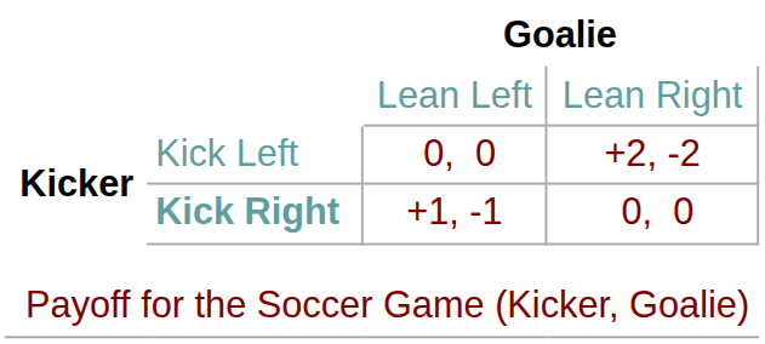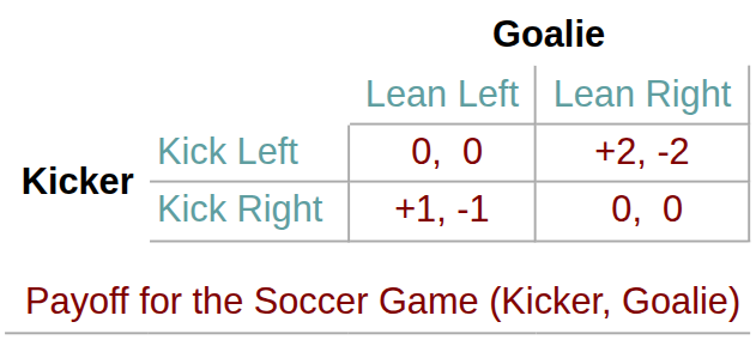 <table class="wikitable" style="background:white;color:maroon;text-align:center; float:right;">
 <tr>
 <td style="background:white; border:1px solid white;" colspan="2" rowspan="2"></td>
 <td style="background:White; color:black; border:1px solid white; font-weight:bold;" align="center" colspan="2">Goalie</td>
 </tr>
 <tr>
 <td style="color:cadetblue;">Lean Left</td>
 <td style="color:cadetblue;">Lean Right</td>
 </tr>
 <tr>
 <td style="background:white; color:black; border:1px solid white; font-weight:bold;" valign="center" rowspan="2">Kicker</td>
 <td style="color:cadetblue;" align="left">Kick Left</td>
 <td> 0,  0</td>
 <td>+2, -2</td>
 </tr>
 <tr>
-<td style="color:cadetblue;" align="left"><strong>Kick Right</strong></td>
+<td style="color:cadetblue;" align="left">Kick Right</td>
 <td>+1, -1</td>
 <td> 0,  0</td>
 </tr>
 <tr>
 <td style="background:white; border:1px solid white;" colspan="4"></td>
 </tr>
 <tr>
 <td style="background:white; border:1px solid white;" colspan="4"></td>
 </tr>
 <tr>
 <td style="background:white; border:1px solid white;" align="left" colspan="4"> Payoff for the Soccer Game (Kicker, Goalie)</td>
 </tr>
 <tr>
 </tr>
 </table>
